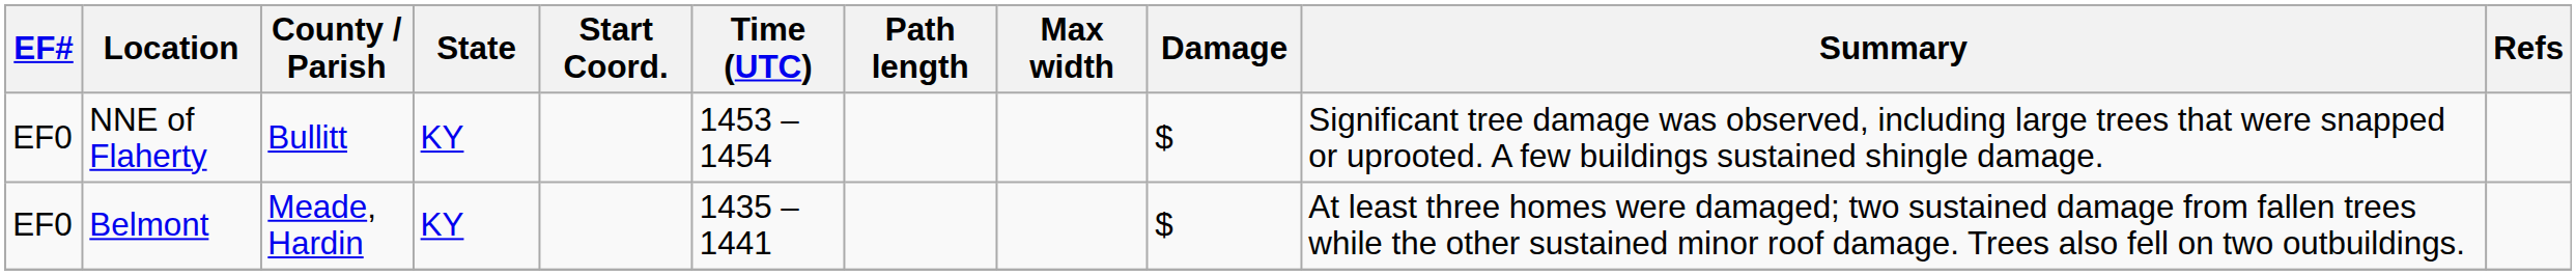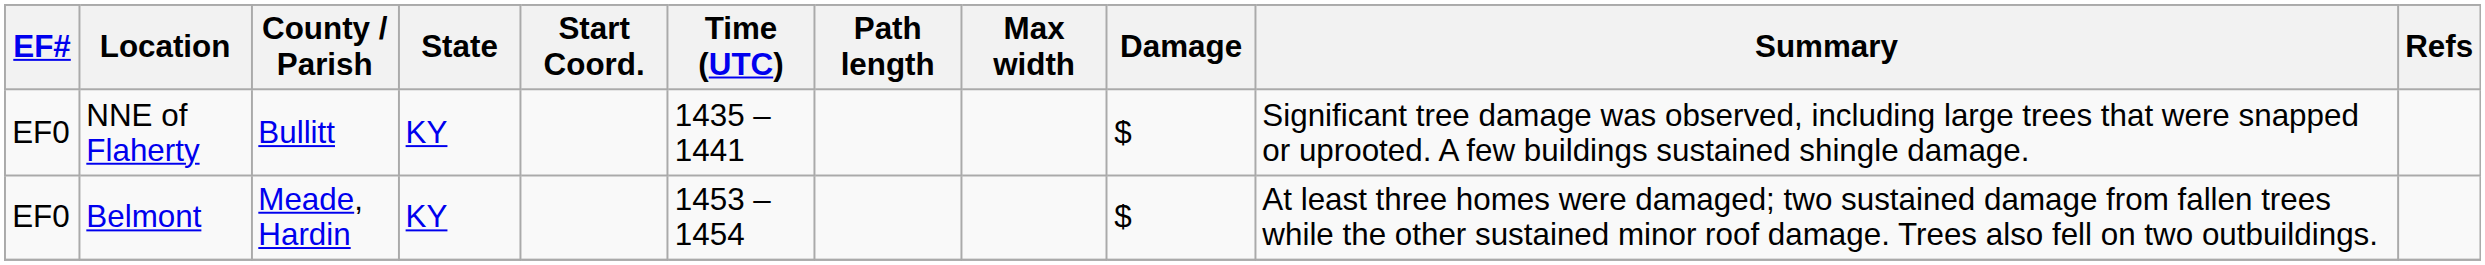 <table class="wikitable sortable" style="width:100%;">
 <tr>
 <th scope="col" width="3%" align="center"><a href='#'>EF#</a></th>
 <th scope="col" width="7%" align="center" class="unsortable">Location</th>
 <th scope="col" width="6%" align="center" class="unsortable">County / Parish</th>
 <th scope="col" width="5%" align="center">State</th>
 <th scope="col" width="6%" align="center">Start Coord.</th>
 <th scope="col" width="6%" align="center">Time (<a href='#'>UTC</a>)</th>
 <th scope="col" width="6%" align="center">Path length</th>
 <th scope="col" width="6%" align="center">Max width</th>
 <th scope="col" width="6%" align="center">Damage</th>
 <th scope="col" width="48%" class="unsortable" align="center">Summary</th>
 <th scope="col" width="48%" class="unsortable" align="center">Refs</th>
 </tr>
 <tr>
 <td>EF0</td>
 <td>NNE of <a href='#'>Flaherty</a></td>
 <td><a href='#'>Bullitt</a></td>
 <td><a href='#'>KY</a></td>
 <td></td>
-<td>1453 – 1454</td>
+<td>1435 – 1441</td>
 <td></td>
 <td></td>
 <td>$</td>
 <td>Significant tree damage was observed, including large trees that were snapped or uprooted. A few buildings sustained shingle damage.</td>
 <td></td>
 </tr>
 <tr>
 <td>EF0</td>
 <td><a href='#'>Belmont</a></td>
 <td><a href='#'>Meade</a>, <a href='#'>Hardin</a></td>
 <td><a href='#'>KY</a></td>
 <td></td>
-<td>1435 – 1441</td>
+<td>1453 – 1454</td>
 <td></td>
 <td></td>
 <td>$</td>
 <td>At least three homes were damaged; two sustained damage from fallen trees while the other sustained minor roof damage. Trees also fell on two outbuildings.</td>
 <td></td>
 </tr>
 <tr>
 </tr>
 </table>
